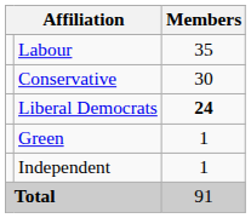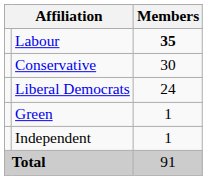 <table class="wikitable">
 <tr>
 <th colspan="2">Affiliation</th>
 <th>Members</th>
 </tr>
 <tr>
 <td style="color:inherit;background:"></td>
 <td><a href='#'>Labour</a></td>
-<td style="text-align:center;">35</td>
+<td style="text-align:center;"><strong>35</strong></td>
 </tr>
 <tr>
 <td style="color:inherit;background:"></td>
 <td><a href='#'>Conservative</a></td>
 <td style="text-align:center;">30</td>
 </tr>
 <tr>
 <td style="color:inherit;background:"></td>
 <td><a href='#'>Liberal Democrats</a></td>
-<td style="text-align:center;"><strong>24</strong></td>
+<td style="text-align:center;">24</td>
 </tr>
 <tr>
 <td style="color:inherit;background:"></td>
 <td><a href='#'>Green</a></td>
 <td style="text-align:center;">1</td>
 </tr>
 <tr>
 <td style="color:inherit;background:"></td>
 <td>Independent</td>
 <td style="text-align:center;">1</td>
 </tr>
 <tr style="background:#ccc;">
 <td colspan="2"> <strong>Total</strong></td>
 <td style="text-align:center;">91</td>
 </tr>
 </table>
